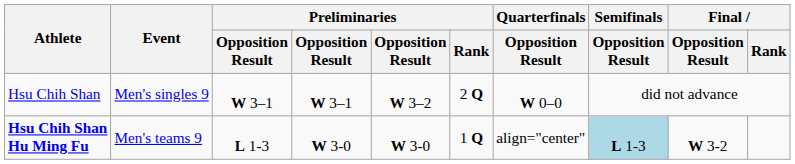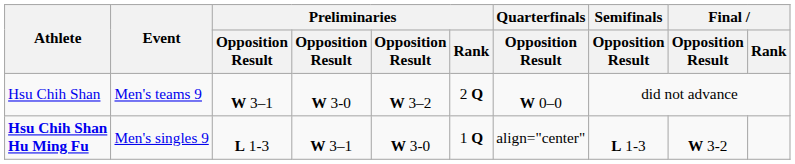 <table class=wikitable style="font-size:90%">
 <tr>
 <th rowspan="2">Athlete</th>
 <th rowspan="2">Event</th>
 <th colspan="4">Preliminaries</th>
 <th>Quarterfinals</th>
 <th>Semifinals</th>
 <th colspan="2">Final / </th>
 </tr>
 <tr>
 <th>Opposition<br>Result</th>
 <th>Opposition<br>Result</th>
 <th>Opposition<br>Result</th>
 <th>Rank</th>
 <th>Opposition<br>Result</th>
 <th>Opposition<br>Result</th>
 <th>Opposition<br>Result</th>
 <th>Rank</th>
 </tr>
 <tr>
 <td><a href='#'>Hsu Chih Shan</a></td>
-<td><a href='#'>Men's singles 9</a></td>
+<td><a href='#'>Men's teams 9</a></td>
 <td align="center"><br><strong>W</strong> 3–1</td>
-<td align="center"><br><strong>W</strong> 3–1</td>
+<td align="center"><br><strong>W</strong> 3-0</td>
 <td align="center"><br><strong>W</strong> 3–2</td>
 <td align="center">2 <strong>Q</strong></td>
 <td align="center"><br><strong>W</strong> 0–0</td>
 <td align="center" colspan="3">did not advance</td>
 </tr>
 <tr>
 <td><strong><a href='#'>Hsu Chih Shan</a></strong><br> <strong><a href='#'>Hu Ming Fu</a></strong></td>
-<td><a href='#'>Men's teams 9</a></td>
+<td><a href='#'>Men's singles 9</a></td>
 <td align="center"><br><strong>L</strong> 1-3</td>
-<td align="center"><br><strong>W</strong> 3-0</td>
+<td align="center"><br><strong>W</strong> 3–1</td>
 <td align="center"><br><strong>W</strong> 3-0</td>
 <td align="center">1 <strong>Q</strong></td>
 <td>align="center" </td>
-<td align="center" style="background: lightblue;"><br><strong>L</strong> 1-3</td>
+<td align="center"><br><strong>L</strong> 1-3</td>
 <td align="center"><br><strong>W</strong> 3-2</td>
 <td align="center"></td>
 </tr>
 </table>
